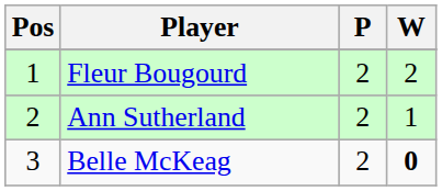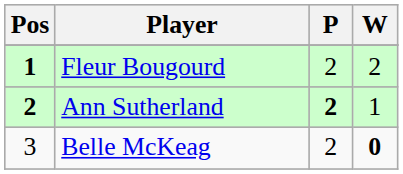 <table class="wikitable">
 <tr>
 <th width=20>Pos</th>
 <th width=150>Player</th>
 <th width=20>P</th>
 <th width=20>W</th>
 </tr>
 <tr>
 </tr>
 <tr align=center style="background: #ccffcc;">
-<td>1</td>
+<td><strong>1</strong></td>
 <td align="left"> <a href='#'>Fleur Bougourd</a></td>
 <td>2</td>
 <td>2</td>
 </tr>
 <tr align=center style="background: #ccffcc;">
-<td>2</td>
+<td><strong>2</strong></td>
 <td align="left"> <a href='#'>Ann Sutherland</a></td>
-<td>2</td>
+<td><strong>2</strong></td>
 <td>1</td>
 </tr>
 <tr align=center>
 <td>3</td>
 <td align="left"> <a href='#'>Belle McKeag</a></td>
 <td>2</td>
 <td><strong>0</strong></td>
 </tr>
 </table>
